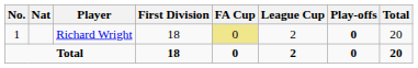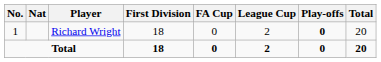 <table class="wikitable" style="text-align:center">
 <tr>
 <th width=0%>No.</th>
 <th width=0%>Nat</th>
 <th width=0%>Player</th>
 <th width=0%>First Division</th>
 <th width=0%>FA Cup</th>
 <th width=0%>League Cup</th>
 <th width=0%>Play-offs</th>
 <th width=0%>Total</th>
 </tr>
 <tr>
 <td>1</td>
 <td></td>
 <td><a href='#'>Richard Wright</a></td>
 <td>18</td>
-<td style="background: khaki;">0</td>
+<td>0</td>
 <td>2</td>
 <td><strong>0</strong></td>
 <td>20</td>
 </tr>
 <tr>
 <td colspan=3><strong>Total</strong></td>
 <td><strong>18</strong></td>
 <td><strong>0</strong></td>
 <td><strong>2</strong></td>
 <td><strong>0</strong></td>
 <td><strong>20</strong></td>
 </tr>
 </table>
